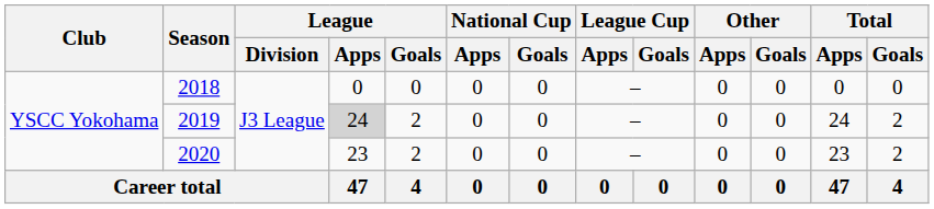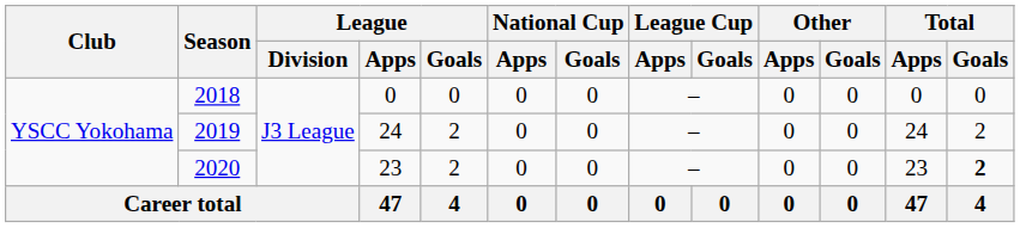 <table class="wikitable" style="text-align: center">
 <tr>
 <th rowspan="2">Club</th>
 <th rowspan="2">Season</th>
 <th colspan="3">League</th>
 <th colspan="2">National Cup</th>
 <th colspan="2">League Cup</th>
 <th colspan="2">Other</th>
 <th colspan="2">Total</th>
 </tr>
 <tr>
 <th>Division</th>
 <th>Apps</th>
 <th>Goals</th>
 <th>Apps</th>
 <th>Goals</th>
 <th>Apps</th>
 <th>Goals</th>
 <th>Apps</th>
 <th>Goals</th>
 <th>Apps</th>
 <th>Goals</th>
 </tr>
 <tr>
 <td rowspan="3"><a href='#'>YSCC Yokohama</a></td>
 <td><a href='#'>2018</a></td>
 <td rowspan="3"><a href='#'>J3 League</a></td>
 <td>0</td>
 <td>0</td>
 <td>0</td>
 <td>0</td>
 <td colspan="2">–</td>
 <td>0</td>
 <td>0</td>
 <td>0</td>
 <td>0</td>
 </tr>
 <tr>
 <td><a href='#'>2019</a></td>
-<td style="background: lightgrey;">24</td>
+<td>24</td>
 <td>2</td>
 <td>0</td>
 <td>0</td>
 <td colspan="2">–</td>
 <td>0</td>
 <td>0</td>
 <td>24</td>
 <td>2</td>
 </tr>
 <tr>
 <td><a href='#'>2020</a></td>
 <td>23</td>
 <td>2</td>
 <td>0</td>
 <td>0</td>
 <td colspan="2">–</td>
 <td>0</td>
 <td>0</td>
 <td>23</td>
-<td>2</td>
+<td><strong>2</strong></td>
 </tr>
 <tr>
 <th colspan=3>Career total</th>
 <th>47</th>
 <th>4</th>
 <th>0</th>
 <th>0</th>
 <th>0</th>
 <th>0</th>
 <th>0</th>
 <th>0</th>
 <th>47</th>
 <th>4</th>
 </tr>
 </table>
